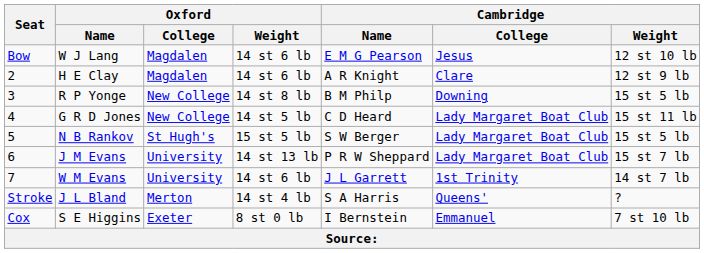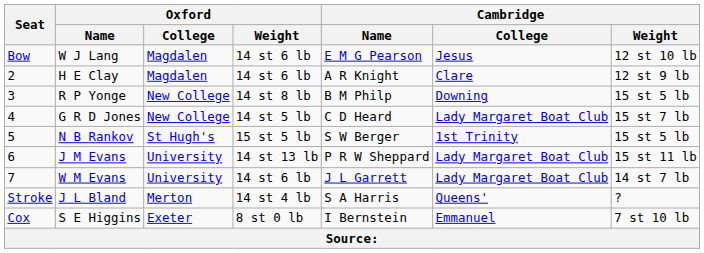 <table class="wikitable">
 <tr>
 <th rowspan="2" scope="col">Seat</th>
 <th colspan="3" scope="col">Oxford <br> </th>
 <th colspan="3" scope="col">Cambridge <br> </th>
 </tr>
 <tr>
 <th>Name</th>
 <th>College</th>
 <th>Weight</th>
 <th>Name</th>
 <th>College</th>
 <th>Weight</th>
 </tr>
 <tr>
 <td><a href='#'>Bow</a></td>
 <td>W J Lang</td>
 <td><a href='#'>Magdalen</a></td>
 <td>14 st 6 lb</td>
 <td><a href='#'>E M G Pearson</a></td>
 <td><a href='#'>Jesus</a></td>
 <td>12 st 10 lb</td>
 </tr>
 <tr>
 <td>2</td>
 <td>H E Clay</td>
 <td><a href='#'>Magdalen</a></td>
 <td>14 st 6 lb</td>
 <td>A R Knight</td>
 <td><a href='#'>Clare</a></td>
 <td>12 st 9 lb</td>
 </tr>
 <tr>
 <td>3</td>
 <td>R P Yonge</td>
 <td><a href='#'>New College</a></td>
 <td>14 st 8 lb</td>
 <td>B M Philp</td>
 <td><a href='#'>Downing</a></td>
 <td>15 st 5 lb</td>
 </tr>
 <tr>
 <td>4</td>
 <td>G R D Jones</td>
 <td><a href='#'>New College</a></td>
 <td>14 st 5 lb</td>
 <td>C D Heard</td>
 <td><a href='#'>Lady Margaret Boat Club</a></td>
-<td>15 st 11 lb</td>
+<td>15 st 7 lb</td>
 </tr>
 <tr>
 <td>5</td>
 <td><a href='#'>N B Rankov</a></td>
 <td><a href='#'>St Hugh's</a></td>
 <td>15 st 5 lb</td>
 <td>S W Berger</td>
-<td><a href='#'>Lady Margaret Boat Club</a></td>
+<td><a href='#'>1st Trinity</a></td>
 <td>15 st 5 lb</td>
 </tr>
 <tr>
 <td>6</td>
 <td><a href='#'> J M Evans</a></td>
 <td><a href='#'>University</a></td>
 <td>14 st 13 lb</td>
 <td>P R W Sheppard</td>
 <td><a href='#'>Lady Margaret Boat Club</a></td>
-<td>15 st 7 lb</td>
+<td>15 st 11 lb</td>
 </tr>
 <tr>
 <td>7</td>
 <td><a href='#'>W M Evans</a></td>
 <td><a href='#'>University</a></td>
 <td>14 st 6 lb</td>
 <td><a href='#'>J L Garrett</a></td>
-<td><a href='#'>1st Trinity</a></td>
+<td><a href='#'>Lady Margaret Boat Club</a></td>
 <td>14 st 7 lb</td>
 </tr>
 <tr>
 <td><a href='#'>Stroke</a></td>
 <td><a href='#'> J L Bland</a></td>
 <td><a href='#'>Merton</a></td>
 <td>14 st 4 lb</td>
 <td>S A Harris</td>
 <td><a href='#'>Queens'</a></td>
 <td>?</td>
 </tr>
 <tr>
 <td><a href='#'>Cox</a></td>
 <td>S E Higgins</td>
 <td><a href='#'>Exeter</a></td>
 <td>8 st 0 lb</td>
 <td>I Bernstein</td>
 <td><a href='#'>Emmanuel</a></td>
 <td>7 st 10 lb</td>
 </tr>
 <tr>
 <th colspan="7">Source:</th>
 </tr>
 </table>
